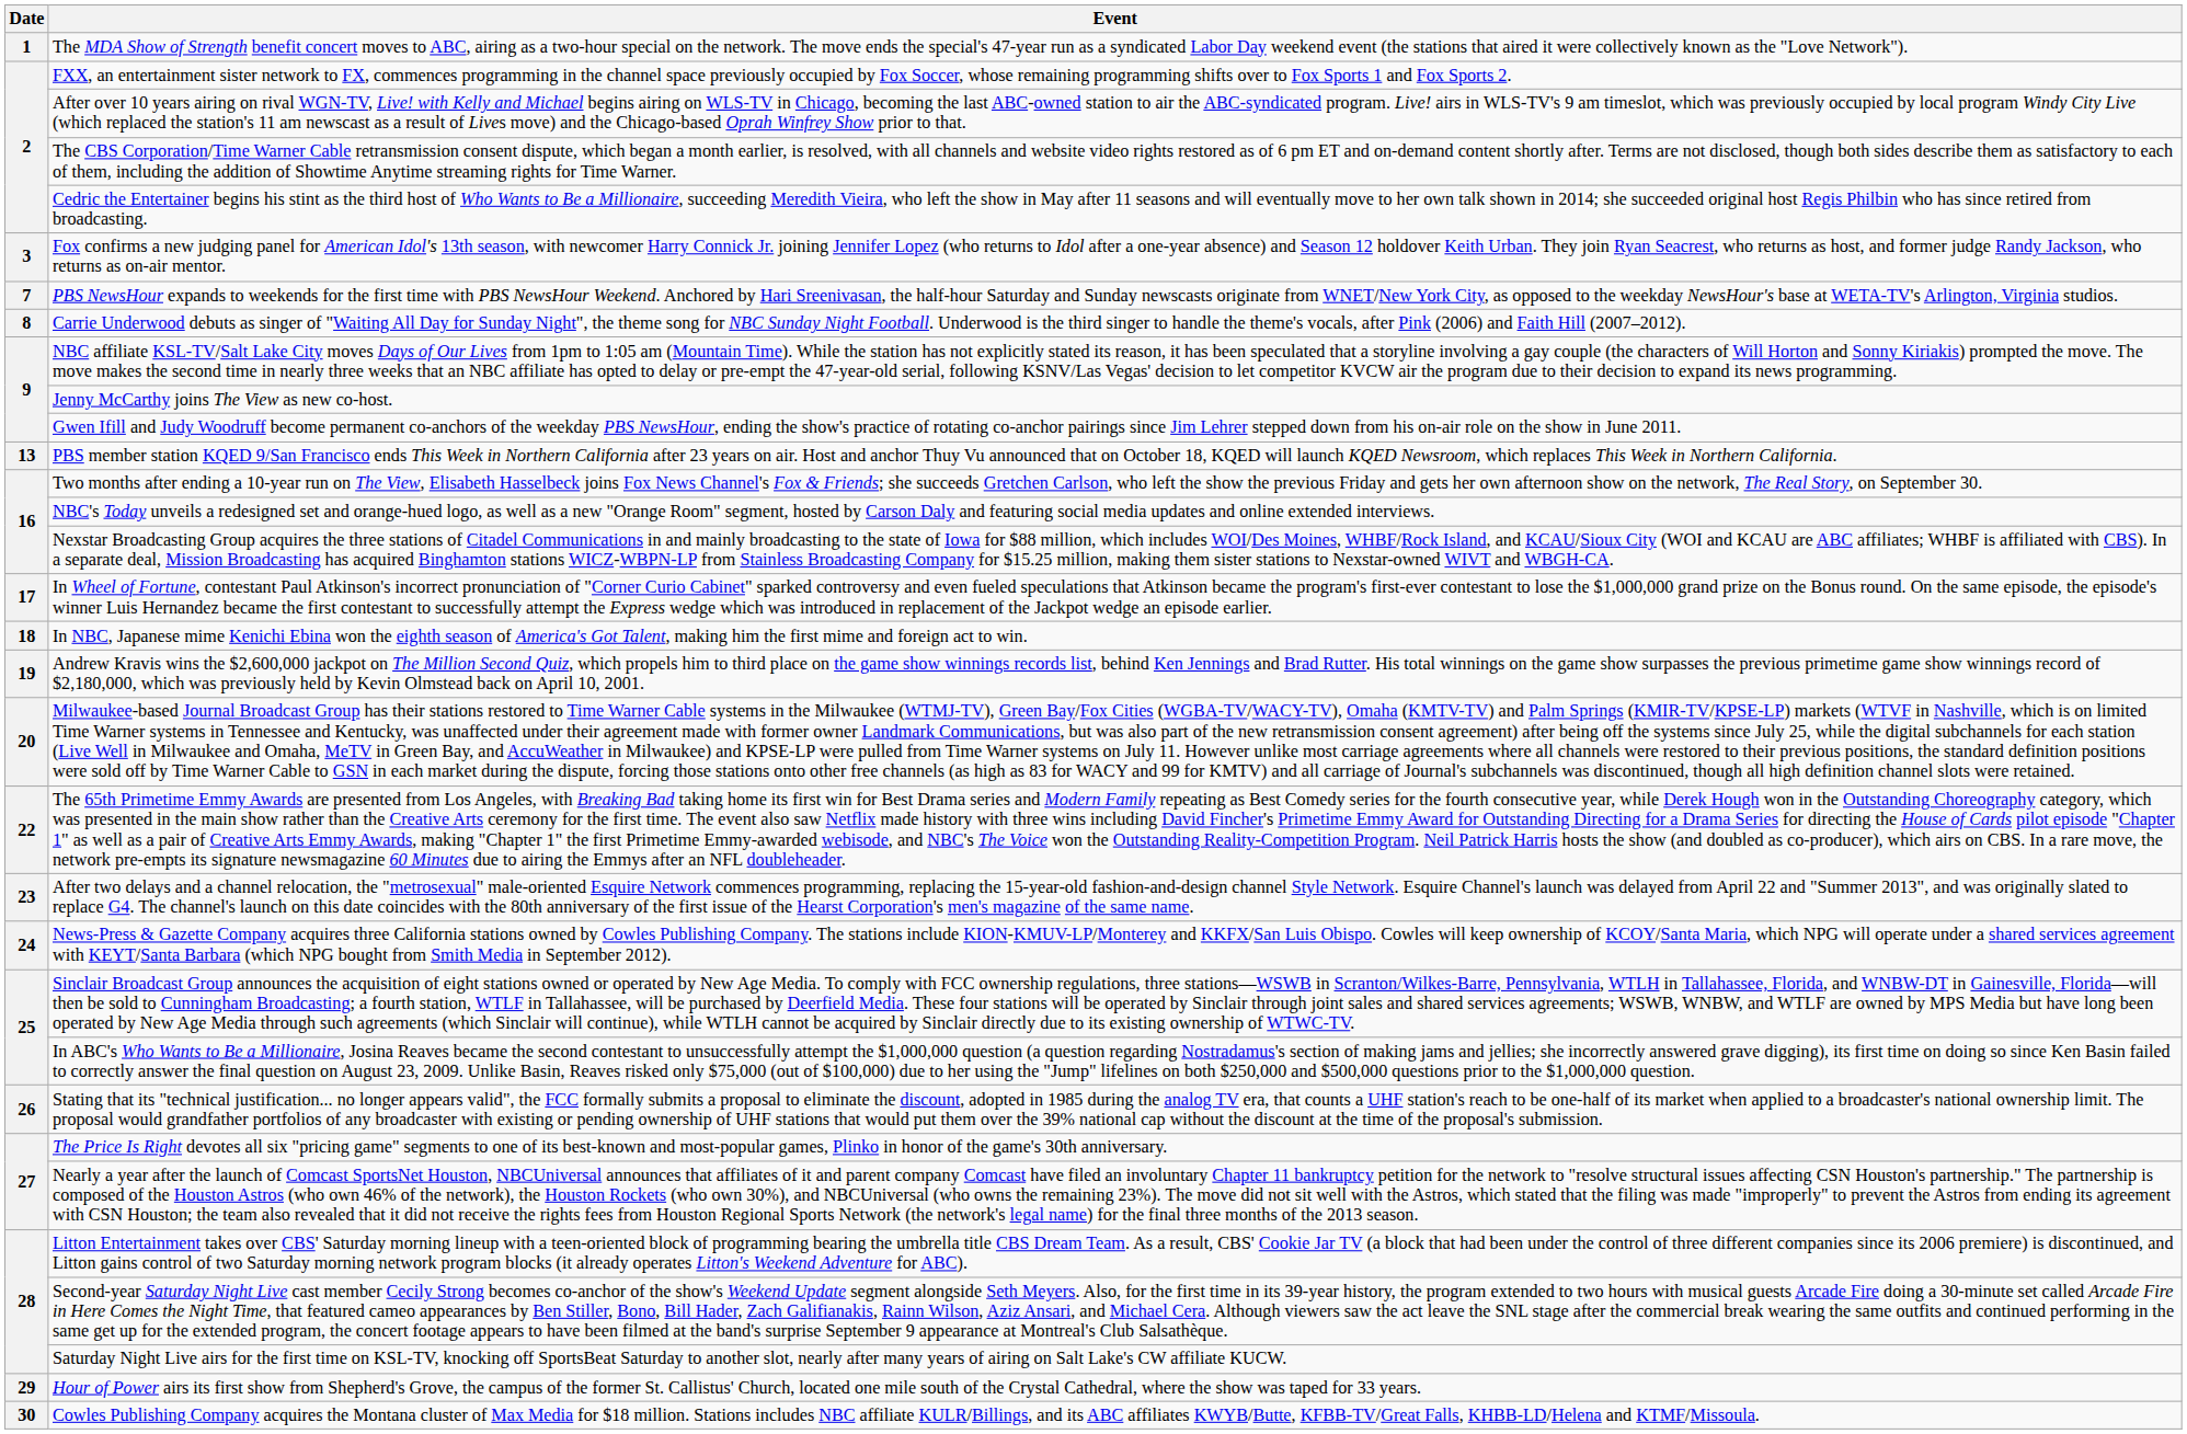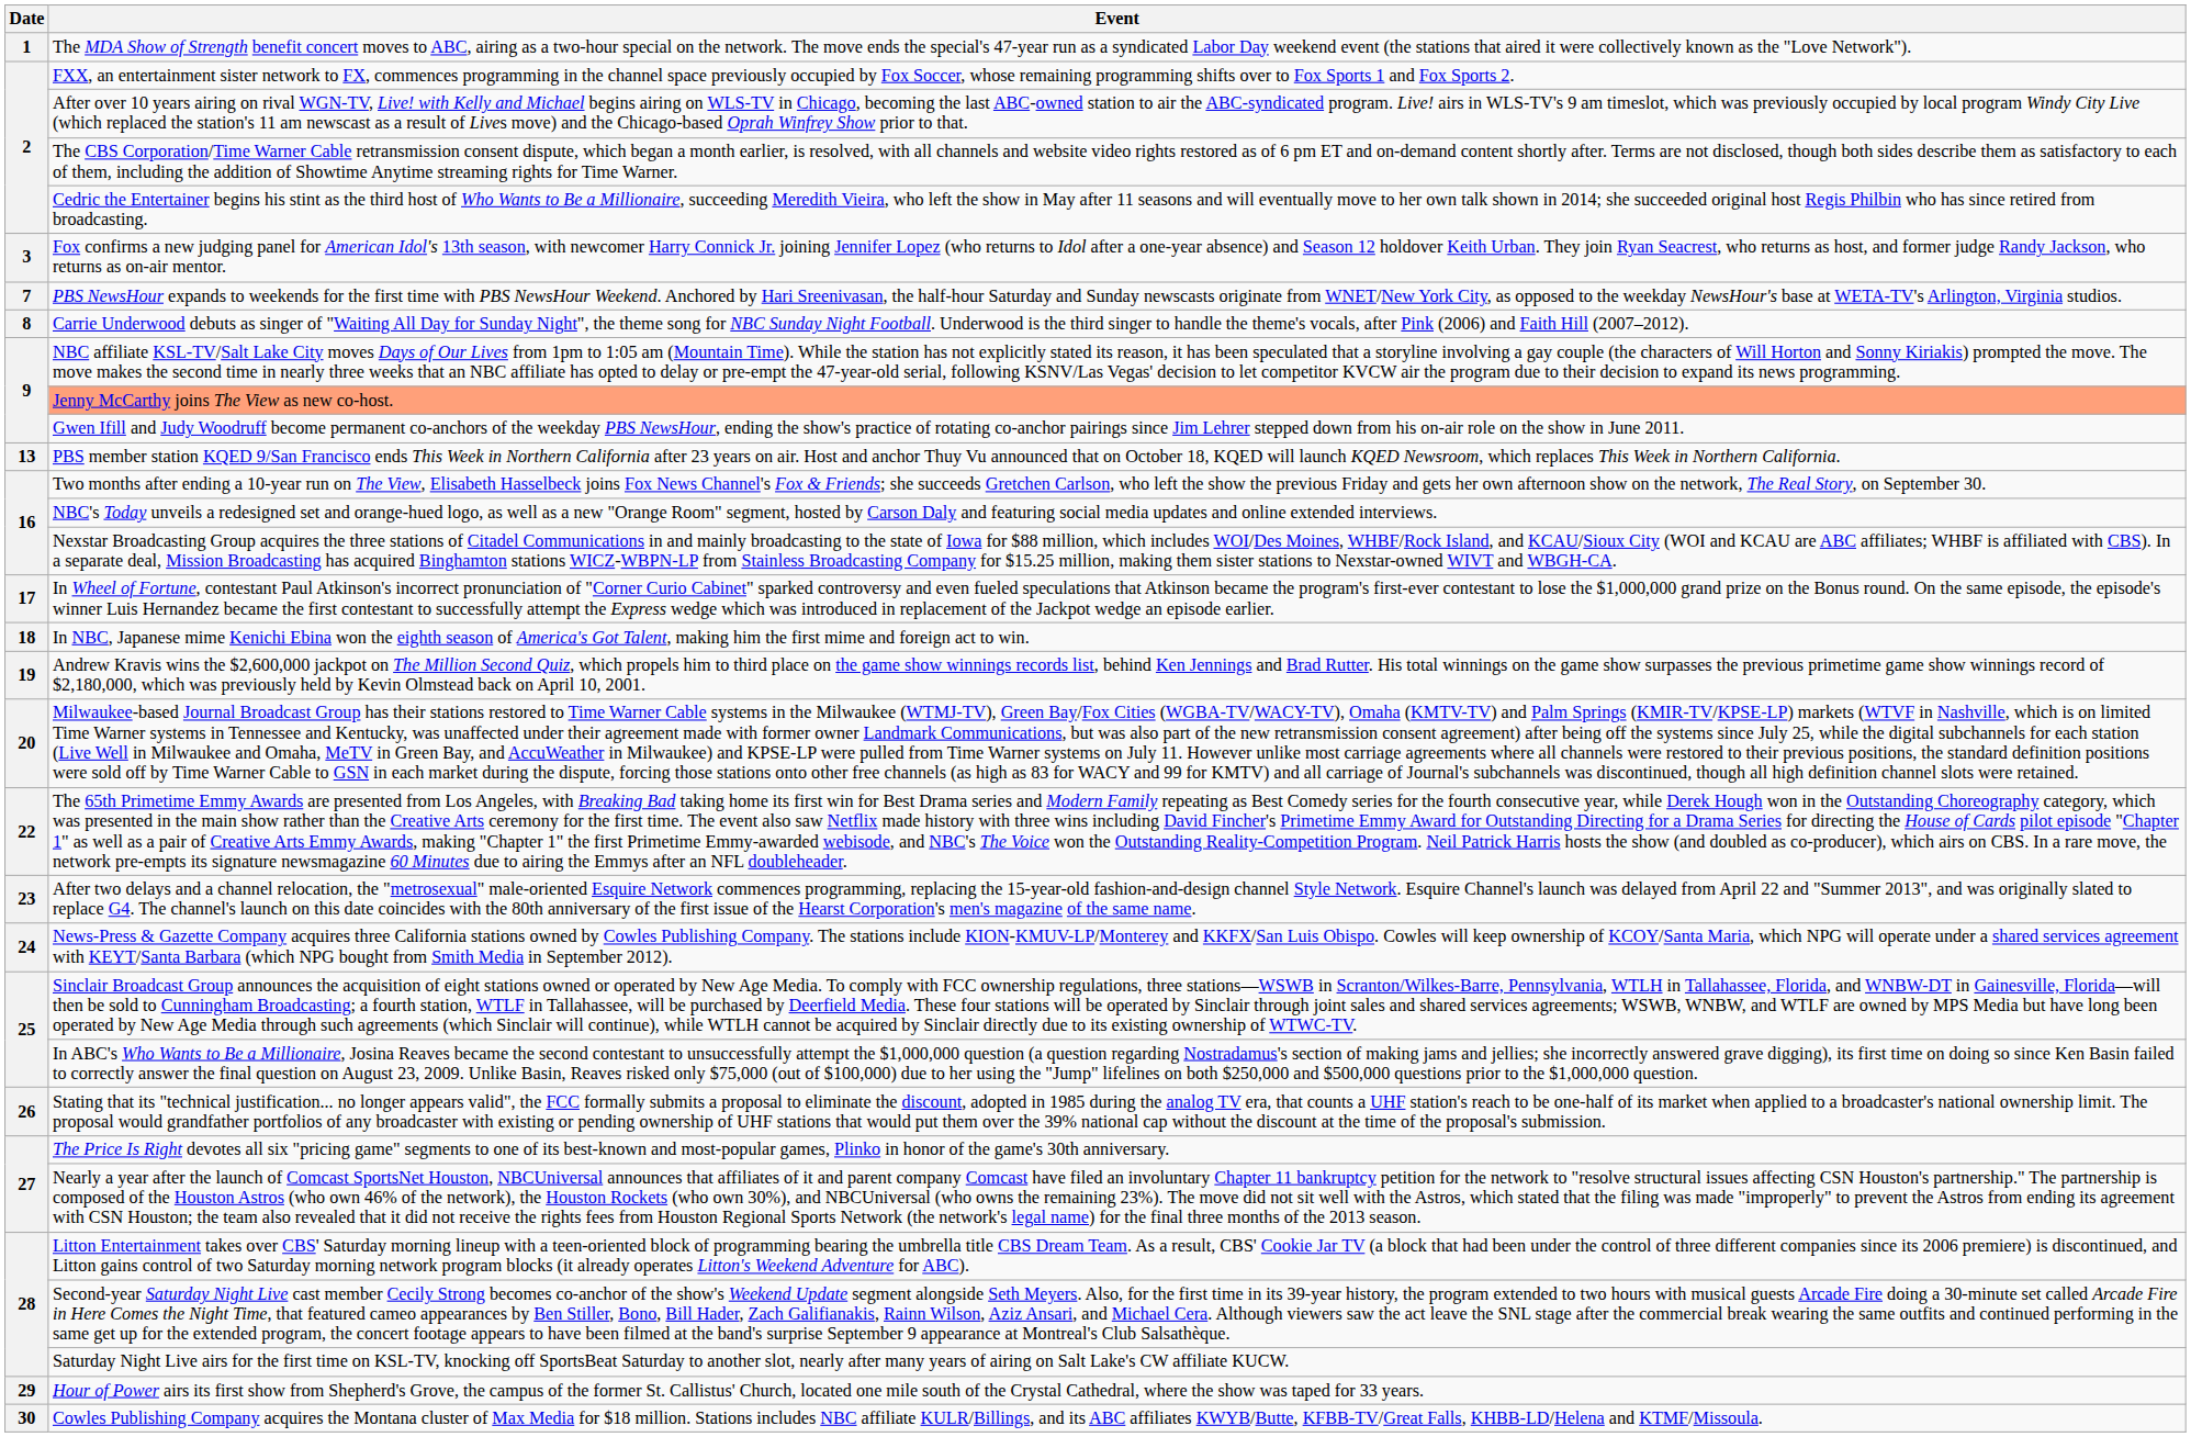 <table class="wikitable">
 <tr>
 <th>Date</th>
 <th>Event</th>
 </tr>
 <tr>
 <th>1</th>
 <td>The <em><a href='#'>MDA Show of Strength</a></em> <a href='#'>benefit concert</a> moves to <a href='#'>ABC</a>, airing as a two-hour special on the network. The move ends the special's 47-year run as a syndicated <a href='#'>Labor Day</a> weekend event (the stations that aired it were collectively known as the "Love Network").</td>
 </tr>
 <tr>
 <th rowspan="4">2</th>
 <td><a href='#'>FXX</a>, an entertainment sister network to <a href='#'>FX</a>, commences programming in the channel space previously occupied by <a href='#'>Fox Soccer</a>, whose remaining programming shifts over to <a href='#'>Fox Sports 1</a> and <a href='#'>Fox Sports 2</a>.</td>
 </tr>
 <tr>
 <td>After over 10 years airing on rival <a href='#'>WGN-TV</a>, <em><a href='#'>Live! with Kelly and Michael</a></em> begins airing on <a href='#'>WLS-TV</a> in <a href='#'>Chicago</a>, becoming the last <a href='#'>ABC</a>-<a href='#'>owned</a> station to air the <a href='#'>ABC-syndicated</a> program. <em>Live!</em> airs in WLS-TV's 9 am timeslot, which was previously occupied by local program <em>Windy City Live</em> (which replaced the station's 11 am newscast as a result of <em>Live</em>s move) and the Chicago-based <em><a href='#'>Oprah Winfrey Show</a></em> prior to that.</td>
 </tr>
 <tr>
 <td>The <a href='#'>CBS Corporation</a>/<a href='#'>Time Warner Cable</a> retransmission consent dispute, which began a month earlier, is resolved, with all channels and website video rights restored as of 6 pm ET and on-demand content shortly after. Terms are not disclosed, though both sides describe them as satisfactory to each of them, including the addition of Showtime Anytime streaming rights for Time Warner.</td>
 </tr>
 <tr>
 <td><a href='#'>Cedric the Entertainer</a> begins his stint as the third host of <em><a href='#'>Who Wants to Be a Millionaire</a></em>, succeeding <a href='#'>Meredith Vieira</a>, who left the show in May after 11 seasons and will eventually move to her own talk shown in 2014; she succeeded original host <a href='#'>Regis Philbin</a> who has since retired from broadcasting.</td>
 </tr>
 <tr>
 <th>3</th>
 <td><a href='#'>Fox</a> confirms a new judging panel for <em><a href='#'>American Idol</a>'s</em> <a href='#'>13th season</a>, with newcomer <a href='#'>Harry Connick Jr.</a> joining <a href='#'>Jennifer Lopez</a> (who returns to <em>Idol</em> after a one-year absence) and <a href='#'>Season 12</a> holdover <a href='#'>Keith Urban</a>. They join <a href='#'>Ryan Seacrest</a>, who returns as host, and former judge <a href='#'>Randy Jackson</a>, who returns as on-air mentor.</td>
 </tr>
 <tr>
 <th>7</th>
 <td><em><a href='#'>PBS NewsHour</a></em> expands to weekends for the first time with <em>PBS NewsHour Weekend</em>. Anchored by <a href='#'>Hari Sreenivasan</a>, the half-hour Saturday and Sunday newscasts originate from <a href='#'>WNET</a>/<a href='#'>New York City</a>, as opposed to the weekday <em>NewsHour's</em> base at <a href='#'>WETA-TV</a>'s <a href='#'>Arlington, Virginia</a> studios.</td>
 </tr>
 <tr>
 <th>8</th>
 <td><a href='#'>Carrie Underwood</a> debuts as singer of "<a href='#'>Waiting All Day for Sunday Night</a>", the theme song for <em><a href='#'>NBC Sunday Night Football</a></em>. Underwood is the third singer to handle the theme's vocals, after <a href='#'>Pink</a> (2006) and <a href='#'>Faith Hill</a> (2007–2012).</td>
 </tr>
 <tr>
 <th rowspan="3">9</th>
 <td><a href='#'>NBC</a> affiliate <a href='#'>KSL-TV</a>/<a href='#'>Salt Lake City</a> moves <em><a href='#'>Days of Our Lives</a></em> from 1pm to 1:05 am (<a href='#'>Mountain Time</a>). While the station has not explicitly stated its reason, it has been speculated that a storyline involving a gay couple (the characters of <a href='#'>Will Horton</a> and <a href='#'>Sonny Kiriakis</a>) prompted the move. The move makes the second time in nearly three weeks that an NBC affiliate has opted to delay or pre-empt the 47-year-old serial, following KSNV/Las Vegas' decision to let competitor KVCW air the program due to their decision to expand its news programming.</td>
 </tr>
 <tr>
-<td><a href='#'>Jenny McCarthy</a> joins <em>The View</em> as new co-host.</td>
+<td style="background: lightsalmon;"><a href='#'>Jenny McCarthy</a> joins <em>The View</em> as new co-host.</td>
 </tr>
 <tr>
 <td><a href='#'>Gwen Ifill</a> and <a href='#'>Judy Woodruff</a> become permanent co-anchors of the weekday <em><a href='#'>PBS NewsHour</a></em>, ending the show's practice of rotating co-anchor pairings since <a href='#'>Jim Lehrer</a> stepped down from his on-air role on the show in June 2011.</td>
 </tr>
 <tr>
 <th>13</th>
 <td><a href='#'>PBS</a> member station <a href='#'>KQED 9/San Francisco</a> ends <em>This Week in Northern California</em> after 23 years on air. Host and anchor Thuy Vu announced that on October 18, KQED will launch <em>KQED Newsroom</em>, which replaces <em>This Week in Northern California</em>.</td>
 </tr>
 <tr>
 <th rowspan="3">16</th>
 <td>Two months after ending a 10-year run on <em><a href='#'>The View</a></em>, <a href='#'>Elisabeth Hasselbeck</a> joins <a href='#'>Fox News Channel</a>'s <em><a href='#'>Fox & Friends</a></em>; she succeeds <a href='#'>Gretchen Carlson</a>, who left the show the previous Friday and gets her own afternoon show on the network, <em><a href='#'>The Real Story</a></em>, on September 30.</td>
 </tr>
 <tr>
 <td><a href='#'>NBC</a>'s <em><a href='#'>Today</a></em> unveils a redesigned set and orange-hued logo, as well as a new "Orange Room" segment, hosted by <a href='#'>Carson Daly</a> and featuring social media updates and online extended interviews.</td>
 </tr>
 <tr>
 <td>Nexstar Broadcasting Group acquires the three stations of <a href='#'>Citadel Communications</a> in and mainly broadcasting to the state of <a href='#'>Iowa</a> for $88 million, which includes <a href='#'>WOI</a>/<a href='#'>Des Moines</a>, <a href='#'>WHBF</a>/<a href='#'>Rock Island</a>, and <a href='#'>KCAU</a>/<a href='#'>Sioux City</a> (WOI and KCAU are <a href='#'>ABC</a> affiliates; WHBF is affiliated with <a href='#'>CBS</a>). In a separate deal, <a href='#'>Mission Broadcasting</a> has acquired <a href='#'>Binghamton</a> stations <a href='#'>WICZ</a>-<a href='#'>WBPN-LP</a> from <a href='#'>Stainless Broadcasting Company</a> for $15.25 million, making them sister stations to Nexstar-owned <a href='#'>WIVT</a> and <a href='#'>WBGH-CA</a>.</td>
 </tr>
 <tr>
 <th>17</th>
 <td>In <em><a href='#'>Wheel of Fortune</a></em>, contestant Paul Atkinson's incorrect pronunciation of "<a href='#'>Corner Curio Cabinet</a>" sparked controversy and even fueled speculations that Atkinson became the program's first-ever contestant to lose the $1,000,000 grand prize on the Bonus round. On the same episode, the episode's winner Luis Hernandez became the first contestant to successfully attempt the <em>Express</em> wedge which was introduced in replacement of the Jackpot wedge an episode earlier.</td>
 </tr>
 <tr>
 <th>18</th>
 <td>In <a href='#'>NBC</a>, Japanese mime <a href='#'>Kenichi Ebina</a> won the <a href='#'>eighth season</a> of <em><a href='#'>America's Got Talent</a></em>, making him the first mime and foreign act to win.</td>
 </tr>
 <tr>
 <th>19</th>
 <td>Andrew Kravis wins the $2,600,000 jackpot on <em><a href='#'>The Million Second Quiz</a></em>, which propels him to third place on <a href='#'>the game show winnings records list</a>, behind <a href='#'>Ken Jennings</a> and <a href='#'>Brad Rutter</a>. His total winnings on the game show surpasses the previous primetime game show winnings record of $2,180,000, which was previously held by Kevin Olmstead back on April 10, 2001.</td>
 </tr>
 <tr>
 <th>20</th>
 <td><a href='#'>Milwaukee</a>-based <a href='#'>Journal Broadcast Group</a> has their stations restored to <a href='#'>Time Warner Cable</a> systems in the Milwaukee (<a href='#'>WTMJ-TV</a>), <a href='#'>Green Bay</a>/<a href='#'>Fox Cities</a> (<a href='#'>WGBA-TV</a>/<a href='#'>WACY-TV</a>), <a href='#'>Omaha</a> (<a href='#'>KMTV-TV</a>) and <a href='#'>Palm Springs</a> (<a href='#'>KMIR-TV</a>/<a href='#'>KPSE-LP</a>) markets (<a href='#'>WTVF</a> in <a href='#'>Nashville</a>, which is on limited Time Warner systems in Tennessee and Kentucky, was unaffected under their agreement made with former owner <a href='#'>Landmark Communications</a>, but was also part of the new retransmission consent agreement) after being off the systems since July 25, while the digital subchannels for each station (<a href='#'>Live Well</a> in Milwaukee and Omaha, <a href='#'>MeTV</a> in Green Bay, and <a href='#'>AccuWeather</a> in Milwaukee) and KPSE-LP were pulled from Time Warner systems on July 11. However unlike most carriage agreements where all channels were restored to their previous positions, the standard definition positions were sold off by Time Warner Cable to <a href='#'>GSN</a> in each market during the dispute, forcing those stations onto other free channels (as high as 83 for WACY and 99 for KMTV) and all carriage of Journal's subchannels was discontinued, though all high definition channel slots were retained.</td>
 </tr>
 <tr>
 <th>22</th>
 <td>The <a href='#'>65th Primetime Emmy Awards</a> are presented from Los Angeles, with <em><a href='#'>Breaking Bad</a></em> taking home its first win for Best Drama series and <em><a href='#'>Modern Family</a></em> repeating as Best Comedy series for the fourth consecutive year, while <a href='#'>Derek Hough</a> won in the <a href='#'>Outstanding Choreography</a> category, which was presented in the main show rather than the <a href='#'>Creative Arts</a> ceremony for the first time. The event also saw <a href='#'>Netflix</a> made history with three wins including <a href='#'>David Fincher</a>'s <a href='#'>Primetime Emmy Award for Outstanding Directing for a Drama Series</a> for directing the <em><a href='#'>House of Cards</a></em> <a href='#'>pilot episode</a> "<a href='#'>Chapter 1</a>" as well as a pair of <a href='#'>Creative Arts Emmy Awards</a>, making "Chapter 1" the first Primetime Emmy-awarded <a href='#'>webisode</a>, and <a href='#'>NBC</a>'s <em><a href='#'>The Voice</a></em> won the <a href='#'>Outstanding Reality-Competition Program</a>. <a href='#'>Neil Patrick Harris</a> hosts the show (and doubled as co-producer), which airs on CBS. In a rare move, the network pre-empts its signature newsmagazine <em><a href='#'>60 Minutes</a></em> due to airing the Emmys after an NFL <a href='#'>doubleheader</a>.</td>
 </tr>
 <tr>
 <th>23</th>
 <td>After two delays and a channel relocation, the "<a href='#'>metrosexual</a>" male-oriented <a href='#'>Esquire Network</a> commences programming, replacing the 15-year-old fashion-and-design channel <a href='#'>Style Network</a>. Esquire Channel's launch was delayed from April 22 and "Summer 2013", and was originally slated to replace <a href='#'>G4</a>. The channel's launch on this date coincides with the 80th anniversary of the first issue of the <a href='#'>Hearst Corporation</a>'s <a href='#'>men's magazine</a> <a href='#'>of the same name</a>.</td>
 </tr>
 <tr>
 <th>24</th>
 <td><a href='#'>News-Press & Gazette Company</a> acquires three California stations owned by <a href='#'>Cowles Publishing Company</a>. The stations include <a href='#'>KION</a>-<a href='#'>KMUV-LP</a>/<a href='#'>Monterey</a> and <a href='#'>KKFX</a>/<a href='#'>San Luis Obispo</a>. Cowles will keep ownership of <a href='#'>KCOY</a>/<a href='#'>Santa Maria</a>, which NPG will operate under a <a href='#'>shared services agreement</a> with <a href='#'>KEYT</a>/<a href='#'>Santa Barbara</a> (which NPG bought from <a href='#'>Smith Media</a> in September 2012).</td>
 </tr>
 <tr>
 <th rowspan="2">25</th>
 <td><a href='#'>Sinclair Broadcast Group</a> announces the acquisition of eight stations owned or operated by New Age Media. To comply with FCC ownership regulations, three stations—<a href='#'>WSWB</a> in <a href='#'>Scranton/Wilkes-Barre, Pennsylvania</a>, <a href='#'>WTLH</a> in <a href='#'>Tallahassee, Florida</a>, and <a href='#'>WNBW-DT</a> in <a href='#'>Gainesville, Florida</a>—will then be sold to <a href='#'>Cunningham Broadcasting</a>; a fourth station, <a href='#'>WTLF</a> in Tallahassee, will be purchased by <a href='#'>Deerfield Media</a>. These four stations will be operated by Sinclair through joint sales and shared services agreements; WSWB, WNBW, and WTLF are owned by MPS Media but have long been operated by New Age Media through such agreements (which Sinclair will continue), while WTLH cannot be acquired by Sinclair directly due to its existing ownership of <a href='#'>WTWC-TV</a>.</td>
 </tr>
 <tr>
 <td>In ABC's <em><a href='#'>Who Wants to Be a Millionaire</a></em>, Josina Reaves became the second contestant to unsuccessfully attempt the $1,000,000 question (a question regarding <a href='#'>Nostradamus</a>'s section of making jams and jellies; she incorrectly answered grave digging), its first time on doing so since Ken Basin failed to correctly answer the final question on August 23, 2009. Unlike Basin, Reaves risked only $75,000 (out of $100,000) due to her using the "Jump" lifelines on both $250,000 and $500,000 questions prior to the $1,000,000 question.</td>
 </tr>
 <tr>
 <th>26</th>
 <td>Stating that its "technical justification... no longer appears valid", the <a href='#'>FCC</a> formally submits a proposal to eliminate the <a href='#'>discount</a>, adopted in 1985 during the <a href='#'>analog TV</a> era, that counts a <a href='#'>UHF</a> station's reach to be one-half of its market when applied to a broadcaster's national ownership limit. The proposal would grandfather portfolios of any broadcaster with existing or pending ownership of UHF stations that would put them over the 39% national cap without the discount at the time of the proposal's submission.</td>
 </tr>
 <tr>
 <th rowspan="2">27</th>
 <td><em><a href='#'>The Price Is Right</a></em> devotes all six "pricing game" segments to one of its best-known and most-popular games, <a href='#'>Plinko</a> in honor of the game's 30th anniversary.</td>
 </tr>
 <tr>
 <td>Nearly a year after the launch of <a href='#'>Comcast SportsNet Houston</a>, <a href='#'>NBCUniversal</a> announces that affiliates of it and parent company <a href='#'>Comcast</a> have filed an involuntary <a href='#'>Chapter 11 bankruptcy</a> petition for the network to "resolve structural issues affecting CSN Houston's partnership." The partnership is composed of the <a href='#'>Houston Astros</a> (who own 46% of the network), the <a href='#'>Houston Rockets</a> (who own 30%), and NBCUniversal (who owns the remaining 23%). The move did not sit well with the Astros, which stated that the filing was made "improperly" to prevent the Astros from ending its agreement with CSN Houston; the team also revealed that it did not receive the rights fees from Houston Regional Sports Network (the network's <a href='#'>legal name</a>) for the final three months of the 2013 season.</td>
 </tr>
 <tr>
 <th rowspan="3">28</th>
 <td><a href='#'>Litton Entertainment</a> takes over <a href='#'>CBS</a>' Saturday morning lineup with a teen-oriented block of programming bearing the umbrella title <a href='#'>CBS Dream Team</a>. As a result, CBS' <a href='#'>Cookie Jar TV</a> (a block that had been under the control of three different companies since its 2006 premiere) is discontinued, and Litton gains control of two Saturday morning network program blocks (it already operates <em><a href='#'>Litton's Weekend Adventure</a></em> for <a href='#'>ABC</a>).</td>
 </tr>
 <tr>
 <td>Second-year <em><a href='#'>Saturday Night Live</a></em> cast member <a href='#'>Cecily Strong</a> becomes co-anchor of the show's <em><a href='#'>Weekend Update</a></em> segment alongside <a href='#'>Seth Meyers</a>. Also, for the first time in its 39-year history, the program extended to two hours with musical guests <a href='#'>Arcade Fire</a> doing a 30-minute set called <em>Arcade Fire in Here Comes the Night Time</em>, that featured cameo appearances by <a href='#'>Ben Stiller</a>, <a href='#'>Bono</a>, <a href='#'>Bill Hader</a>, <a href='#'>Zach Galifianakis</a>, <a href='#'>Rainn Wilson</a>, <a href='#'>Aziz Ansari</a>, and <a href='#'>Michael Cera</a>. Although viewers saw the act leave the SNL stage after the commercial break wearing the same outfits and continued performing in the same get up for the extended program, the concert footage appears to have been filmed at the band's surprise September 9 appearance at Montreal's Club Salsathèque.</td>
 </tr>
 <tr>
 <td>Saturday Night Live airs for the first time on KSL-TV, knocking off SportsBeat Saturday to another slot, nearly after many years of airing on Salt Lake's CW affiliate KUCW.</td>
 </tr>
 <tr>
 <th>29</th>
 <td><em><a href='#'>Hour of Power</a></em> airs its first show from Shepherd's Grove, the campus of the former St. Callistus' Church, located one mile south of the Crystal Cathedral, where the show was taped for 33 years.</td>
 </tr>
 <tr>
 <th>30</th>
 <td><a href='#'>Cowles Publishing Company</a> acquires the Montana cluster of <a href='#'>Max Media</a> for $18 million. Stations includes <a href='#'>NBC</a> affiliate <a href='#'>KULR</a>/<a href='#'>Billings</a>, and its <a href='#'>ABC</a> affiliates <a href='#'>KWYB</a>/<a href='#'>Butte</a>, <a href='#'>KFBB-TV</a>/<a href='#'>Great Falls</a>, <a href='#'>KHBB-LD</a>/<a href='#'>Helena</a> and <a href='#'>KTMF</a>/<a href='#'>Missoula</a>.</td>
 </tr>
 </table>
